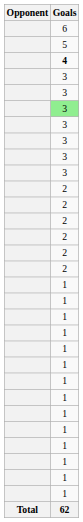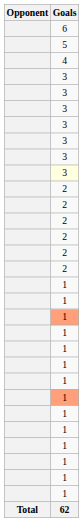 <table class="wikitable plainrowheaders sortable" style="text-align:center; font-size:95%">
 <tr>
 <th scope="col">Opponent</th>
 <th scope="col">Goals</th>
 </tr>
 <tr>
 <th scope="row"></th>
 <td>6</td>
 </tr>
 <tr>
 <th scope="row"></th>
 <td>5</td>
 </tr>
 <tr>
 <th scope="row"></th>
-<td><strong>4</strong></td>
-</tr>
-<tr>
-<th scope="row"></th>
-<td>3</td>
-</tr>
-<tr>
-<th scope="row"></th>
-<td>3</td>
-</tr>
-<tr>
-<th scope="row"></th>
-<td style="background: lightgreen;">3</td>
+<td>4</td>
 </tr>
 <tr>
 <th scope="row"></th>
 <td>3</td>
 </tr>
 <tr>
 <th scope="row"></th>
 <td>3</td>
 </tr>
 <tr>
 <th scope="row"></th>
 <td>3</td>
 </tr>
 <tr>
 <th scope="row"></th>
 <td>3</td>
+</tr>
+<tr>
+<th scope="row"></th>
+<td>3</td>
+</tr>
+<tr>
+<th scope="row"></th>
+<td>3</td>
+</tr>
+<tr>
+<th scope="row"></th>
+<td style="background: lightyellow;">3</td>
 </tr>
 <tr>
 <th scope="row"></th>
 <td>2</td>
 </tr>
 <tr>
 <th scope="row"></th>
 <td>2</td>
 </tr>
 <tr>
 <th scope="row"></th>
 <td>2</td>
 </tr>
 <tr>
 <th scope="row"></th>
 <td>2</td>
 </tr>
 <tr>
 <th scope="row"></th>
 <td>2</td>
 </tr>
 <tr>
 <th scope="row"></th>
 <td>2</td>
 </tr>
 <tr>
 <th scope="row"></th>
 <td>1</td>
 </tr>
 <tr>
 <th scope="row"></th>
 <td>1</td>
 </tr>
 <tr>
 <th scope="row"></th>
-<td>1</td>
+<td style="background: lightsalmon;">1</td>
 </tr>
 <tr>
 <th scope="row"></th>
 <td>1</td>
 </tr>
 <tr>
 <th scope="row"></th>
 <td>1</td>
 </tr>
 <tr>
 <th scope="row"></th>
 <td>1</td>
 </tr>
 <tr>
 <th scope="row"></th>
 <td>1</td>
 </tr>
 <tr>
 <th scope="row"></th>
-<td>1</td>
+<td style="background: lightsalmon;">1</td>
 </tr>
 <tr>
 <th scope="row"></th>
 <td>1</td>
 </tr>
 <tr>
 <th scope="row"></th>
 <td>1</td>
 </tr>
 <tr>
 <th scope="row"></th>
 <td>1</td>
 </tr>
 <tr>
 <th scope="row"></th>
 <td>1</td>
 </tr>
 <tr>
 <th scope="row"></th>
 <td>1</td>
 </tr>
 <tr>
 <th scope="row"></th>
 <td>1</td>
 </tr>
 <tr>
 <th>Total</th>
 <th>62</th>
 </tr>
 </table>
